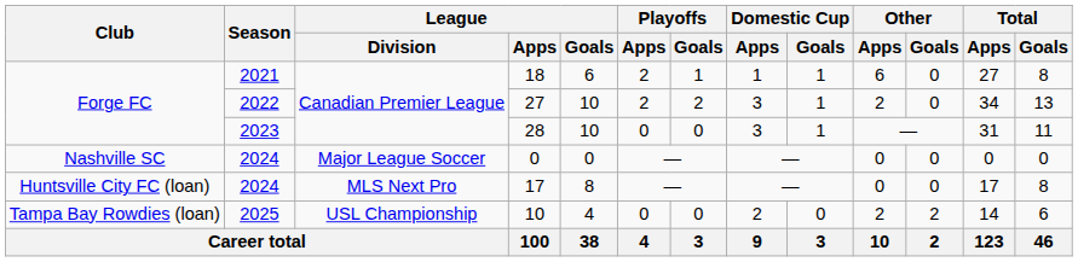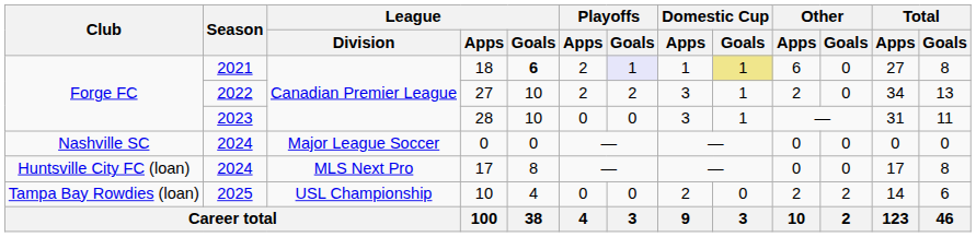 <table class="wikitable" style="text-align:center">
 <tr>
 <th rowspan="2">Club</th>
 <th rowspan="2">Season</th>
 <th colspan="3">League</th>
 <th colspan="2">Playoffs</th>
 <th colspan="2">Domestic Cup</th>
 <th colspan="2">Other</th>
 <th colspan="2">Total</th>
 </tr>
 <tr>
 <th>Division</th>
 <th>Apps</th>
 <th>Goals</th>
 <th>Apps</th>
 <th>Goals</th>
 <th>Apps</th>
 <th>Goals</th>
 <th>Apps</th>
 <th>Goals</th>
 <th>Apps</th>
 <th>Goals</th>
 </tr>
 <tr>
 <td rowspan=3><a href='#'>Forge FC</a></td>
 <td><a href='#'>2021</a></td>
 <td rowspan=3><a href='#'>Canadian Premier League</a></td>
 <td>18</td>
-<td>6</td>
+<td><strong>6</strong></td>
 <td>2</td>
+<td style="background: lavender;">1</td>
 <td>1</td>
-<td>1</td>
-<td>1</td>
+<td style="background: khaki;">1</td>
 <td>6</td>
 <td>0</td>
 <td>27</td>
 <td>8</td>
 </tr>
 <tr>
 <td><a href='#'>2022</a></td>
 <td>27</td>
 <td>10</td>
 <td>2</td>
 <td>2</td>
 <td>3</td>
 <td>1</td>
 <td>2</td>
 <td>0</td>
 <td>34</td>
 <td>13</td>
 </tr>
 <tr>
 <td><a href='#'>2023</a></td>
 <td>28</td>
 <td>10</td>
 <td>0</td>
 <td>0</td>
 <td>3</td>
 <td>1</td>
 <td colspan=2>—</td>
 <td>31</td>
 <td>11</td>
 </tr>
 <tr>
 <td><a href='#'>Nashville SC</a></td>
 <td><a href='#'>2024</a></td>
 <td><a href='#'>Major League Soccer</a></td>
 <td>0</td>
 <td>0</td>
 <td colspan=2>—</td>
 <td colspan=2>—</td>
 <td>0</td>
 <td>0</td>
 <td>0</td>
 <td>0</td>
 </tr>
 <tr>
 <td><a href='#'>Huntsville City FC</a> (loan)</td>
 <td><a href='#'>2024</a></td>
 <td><a href='#'>MLS Next Pro</a></td>
 <td>17</td>
 <td>8</td>
 <td colspan=2>—</td>
 <td colspan=2>—</td>
 <td>0</td>
 <td>0</td>
 <td>17</td>
 <td>8</td>
 </tr>
 <tr>
 <td><a href='#'>Tampa Bay Rowdies</a> (loan)</td>
 <td><a href='#'>2025</a></td>
 <td><a href='#'>USL Championship</a></td>
 <td>10</td>
 <td>4</td>
 <td>0</td>
 <td>0</td>
 <td>2</td>
 <td>0</td>
 <td>2</td>
 <td>2</td>
 <td>14</td>
 <td>6</td>
 </tr>
 <tr>
 <th colspan="3">Career total</th>
 <th>100</th>
 <th>38</th>
 <th>4</th>
 <th>3</th>
 <th>9</th>
 <th>3</th>
 <th>10</th>
 <th>2</th>
 <th>123</th>
 <th>46</th>
 </tr>
 </table>
